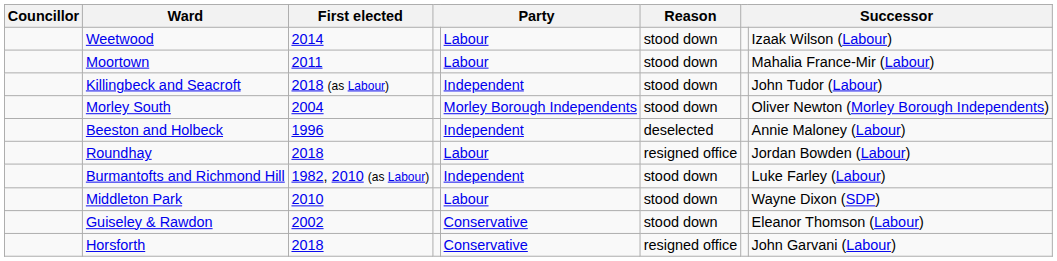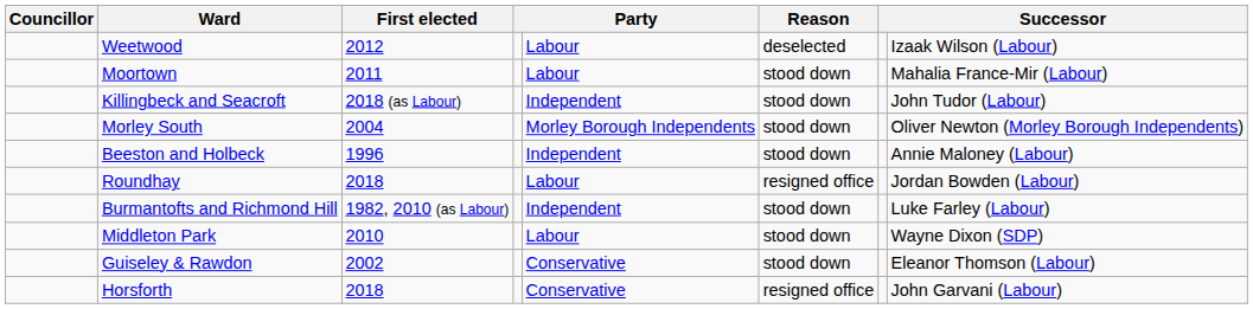 <table class="wikitable sortable" style="font-size:95%;">
 <tr>
 <th scope="col">Councillor</th>
 <th scope="col">Ward</th>
 <th scope="col">First elected</th>
 <th colspan="2" scope="col">Party</th>
 <th scope="col">Reason</th>
 <th colspan="2" scope="col">Successor</th>
 </tr>
 <tr>
 <td></td>
 <td><a href='#'>Weetwood</a></td>
-<td><a href='#'>2014</a></td>
+<td><a href='#'>2012</a></td>
 <td width="1" style="color:inherit;background:"></td>
 <td><a href='#'>Labour</a></td>
-<td>stood down</td>
+<td>deselected</td>
 <td width="1" style="color:inherit;background:"></td>
 <td>Izaak Wilson (<a href='#'>Labour</a>)</td>
 </tr>
 <tr>
 <td></td>
 <td><a href='#'>Moortown</a></td>
 <td><a href='#'>2011</a></td>
 <td width="1" style="color:inherit;background:"></td>
 <td><a href='#'>Labour</a></td>
 <td>stood down</td>
 <td width="1" style="color:inherit;background:"></td>
 <td>Mahalia France-Mir (<a href='#'>Labour</a>)</td>
 </tr>
 <tr>
 <td></td>
 <td><a href='#'>Killingbeck and Seacroft</a></td>
 <td><a href='#'>2018</a> <small>(as <a href='#'>Labour</a>)</small></td>
 <td width="1" style="color:inherit;background:"></td>
 <td><a href='#'>Independent</a></td>
 <td>stood down</td>
 <td width="1" style="color:inherit;background:"></td>
 <td>John Tudor (<a href='#'>Labour</a>)</td>
 </tr>
 <tr>
 <td></td>
 <td><a href='#'>Morley South</a></td>
 <td><a href='#'>2004</a></td>
 <td width="1" style="color:inherit;background:"></td>
 <td><a href='#'>Morley Borough Independents</a></td>
 <td>stood down</td>
 <td width="1" style="color:inherit;background:"></td>
 <td>Oliver Newton	(<a href='#'>Morley Borough Independents</a>)</td>
 </tr>
 <tr>
 <td></td>
 <td><a href='#'>Beeston and Holbeck</a></td>
 <td><a href='#'>1996</a></td>
 <td width="1" style="color:inherit;background:"></td>
 <td><a href='#'>Independent</a></td>
-<td>deselected</td>
+<td>stood down</td>
 <td width="1" style="color:inherit;background:"></td>
 <td>Annie Maloney (<a href='#'>Labour</a>)</td>
 </tr>
 <tr>
 <td></td>
 <td><a href='#'>Roundhay</a></td>
 <td><a href='#'>2018</a></td>
 <td width="1" style="color:inherit;background:"></td>
 <td><a href='#'>Labour</a></td>
 <td>resigned office</td>
 <td width="1" style="color:inherit;background:"></td>
 <td>Jordan Bowden (<a href='#'>Labour</a>)</td>
 </tr>
 <tr>
 <td></td>
 <td><a href='#'>Burmantofts and Richmond Hill</a></td>
 <td><a href='#'>1982</a>, <a href='#'>2010</a> <small>(as <a href='#'>Labour</a>)</small></td>
 <td width="1" style="color:inherit;background:"></td>
 <td><a href='#'>Independent</a></td>
 <td>stood down</td>
 <td width="1" style="color:inherit;background:"></td>
 <td>Luke Farley (<a href='#'>Labour</a>)</td>
 </tr>
 <tr>
 <td></td>
 <td><a href='#'>Middleton Park</a></td>
 <td><a href='#'>2010</a></td>
 <td width="1" style="color:inherit;background:"></td>
 <td><a href='#'>Labour</a></td>
 <td>stood down</td>
 <td width="1" style="color:inherit;background:"></td>
 <td>Wayne Dixon (<a href='#'>SDP</a>)</td>
 </tr>
 <tr>
 <td></td>
 <td><a href='#'>Guiseley & Rawdon</a></td>
 <td><a href='#'>2002</a></td>
 <td width="1" style="color:inherit;background:"></td>
 <td><a href='#'>Conservative</a></td>
 <td>stood down</td>
 <td width="1" style="color:inherit;background:"></td>
 <td>Eleanor Thomson (<a href='#'>Labour</a>)</td>
 </tr>
 <tr>
 <td></td>
 <td><a href='#'>Horsforth</a></td>
 <td><a href='#'>2018</a></td>
 <td width="1" style="color:inherit;background:"></td>
 <td><a href='#'>Conservative</a></td>
 <td>resigned office</td>
 <td width="1" style="color:inherit;background:"></td>
 <td>John Garvani (<a href='#'>Labour</a>)</td>
 </tr>
 </table>
